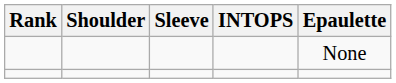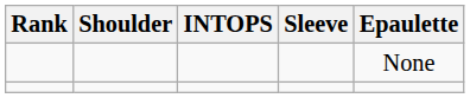 <table class="wikitable" style="text-align:center;">
 <tr>
 <th>Rank<br></th>
 <th>Shoulder</th>
+<th>INTOPS</th>
 <th>Sleeve</th>
-<th>INTOPS</th>
 <th>Epaulette</th>
 </tr>
 <tr>
 <td></td>
 <td></td>
 <td></td>
 <td></td>
 <td>None</td>
 </tr>
 <tr>
 <td></td>
 <td></td>
 <td></td>
 <td></td>
 <td></td>
 </tr>
 </table>
